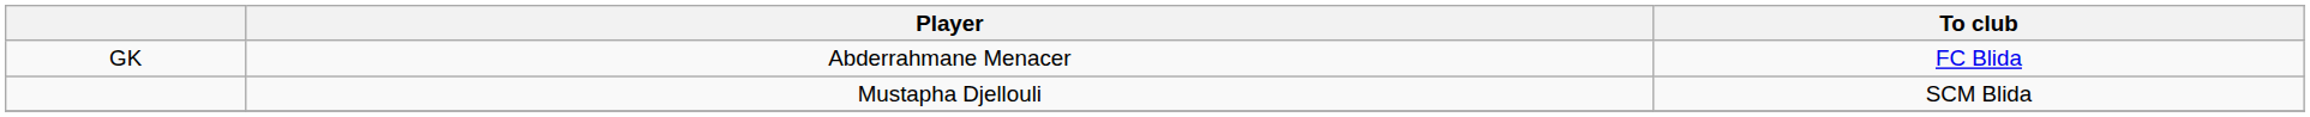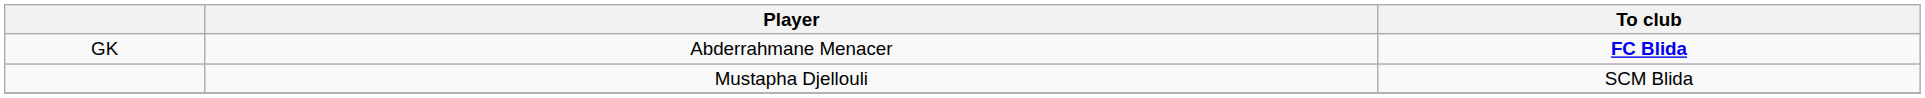 <table class="wikitable sortable" style="width:70%; text-align:center; font-size:85%; text-align:centre;">
 <tr>
 <th></th>
 <th>Player</th>
 <th>To club</th>
 </tr>
 <tr>
 <td>GK</td>
 <td>Abderrahmane Menacer</td>
-<td><a href='#'>FC Blida</a></td>
+<td><strong><a href='#'>FC Blida</a></strong></td>
 </tr>
 <tr>
 <td></td>
 <td>Mustapha Djellouli</td>
 <td>SCM Blida</td>
 </tr>
 <tr>
 </tr>
 </table>
